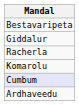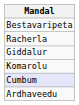 <table class="wikitable sortable static-row-numbers static-row-header-hash">
 <tr>
 <th>Mandal</th>
 </tr>
 <tr>
 <td>Bestavaripeta</td>
 </tr>
 <tr>
-<td>Giddalur</td>
+<td>Racherla</td>
 </tr>
 <tr>
-<td>Racherla</td>
+<td>Giddalur</td>
 </tr>
 <tr>
 <td>Komarolu</td>
 </tr>
 <tr>
 <td style="background: lavender;">Cumbum</td>
 </tr>
 <tr>
 <td>Ardhaveedu</td>
 </tr>
 </table>
